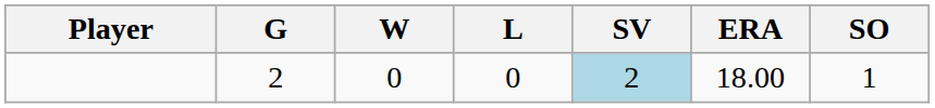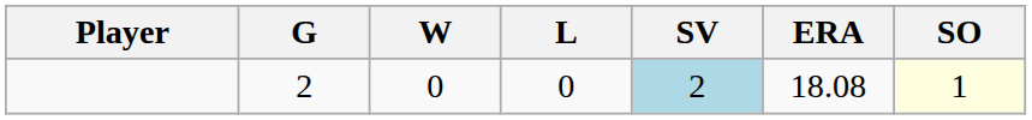 <table class="wikitable sortable">
 <tr>
 <th bgcolor="#DDDDFF" width="16%">Player</th>
 <th bgcolor="#DDDDFF" width="9%">G</th>
 <th bgcolor="#DDDDFF" width="9%">W</th>
 <th bgcolor="#DDDDFF" width="9%">L</th>
 <th bgcolor="#DDDDFF" width="9%">SV</th>
 <th bgcolor="#DDDDFF" width="9%">ERA</th>
 <th bgcolor="#DDDDFF" width="9%">SO</th>
 </tr>
 <tr align="center">
 <td></td>
 <td>2</td>
 <td>0</td>
 <td>0</td>
 <td style="background: lightblue;">2</td>
-<td>18.00</td>
-<td>1</td>
+<td>18.08</td>
+<td style="background: lightyellow;">1</td>
 </tr>
 </table>
